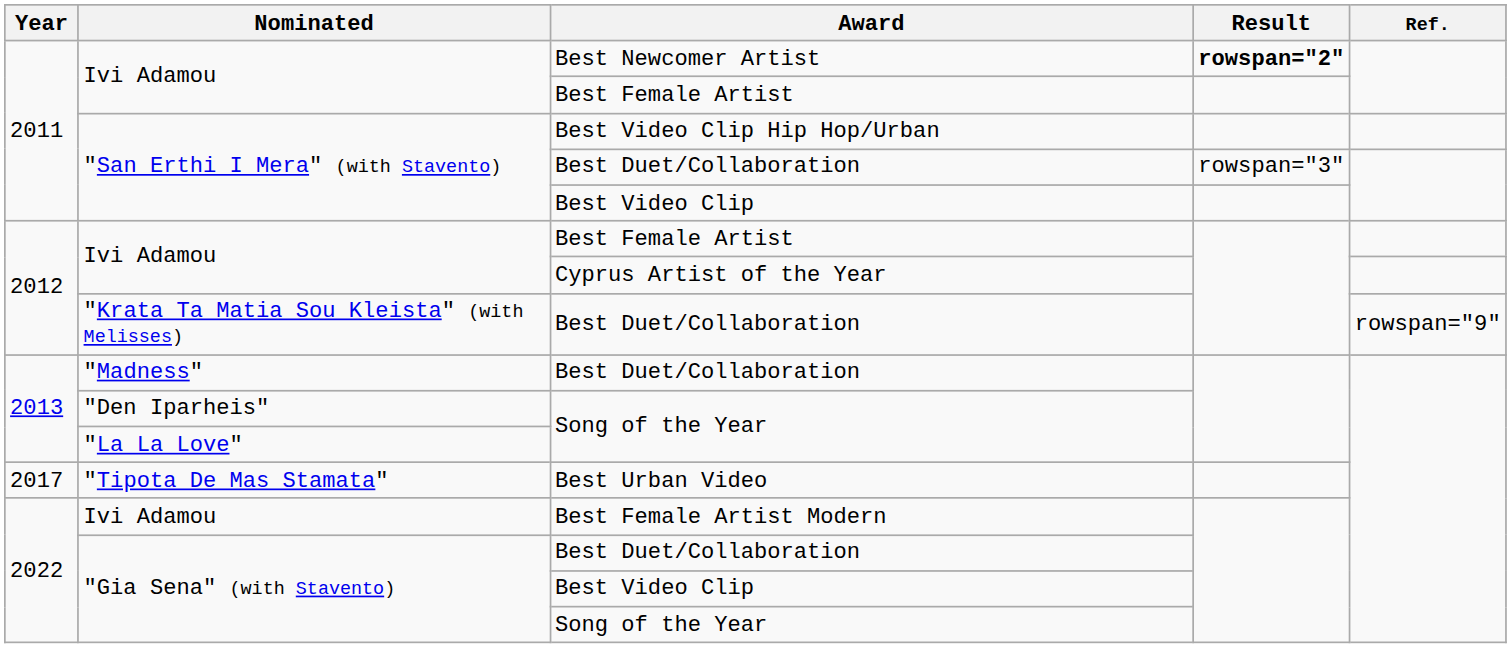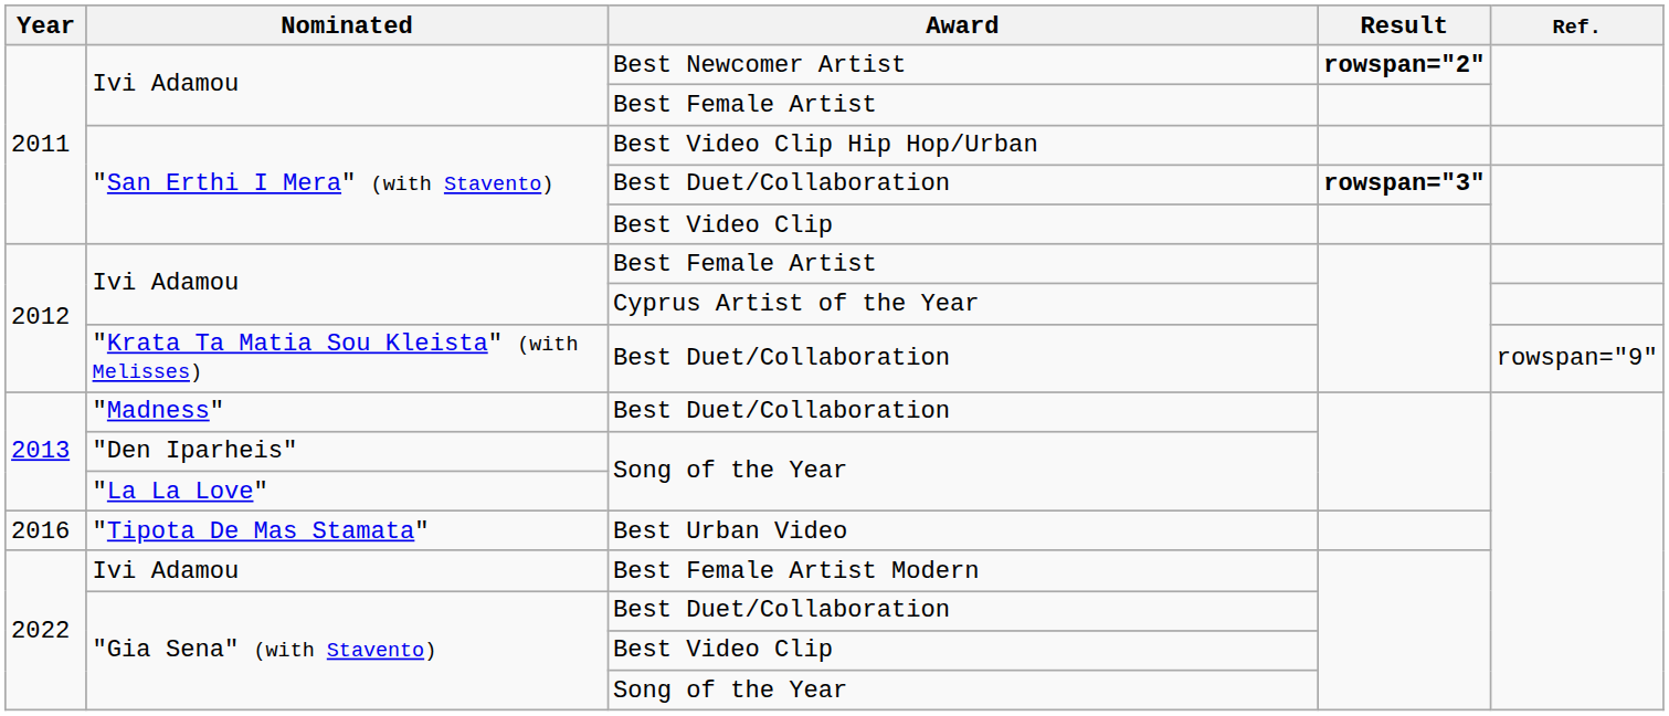 <table class="wikitable" style="width:100%;">
 <tr>
 <th style="width:5%;">Year</th>
 <th style="width:35%;">Nominated</th>
 <th style="width:47%;">Award</th>
 <th style="width:10%;">Result</th>
 <th style="width:3%;"><small>Ref.</small></th>
 </tr>
 <tr>
 <td rowspan="5">2011</td>
 <td rowspan="2">Ivi Adamou</td>
 <td>Best Newcomer Artist</td>
 <td><strong>rowspan="2" </strong></td>
 <td rowspan="2" align="center"></td>
 </tr>
 <tr>
 <td>Best Female Artist</td>
 </tr>
 <tr>
 <td rowspan="3">"<a href='#'>San Erthi I Mera</a>" <small>(with <a href='#'>Stavento</a>)</small></td>
 <td>Best Video Clip Hip Hop/Urban</td>
 <td></td>
 <td align="center"></td>
 </tr>
 <tr>
 <td>Best Duet/Collaboration</td>
-<td>rowspan="3" </td>
+<td><strong>rowspan="3" </strong></td>
 <td rowspan="2" align="center"></td>
 </tr>
 <tr>
 <td>Best Video Clip</td>
 </tr>
 <tr>
 <td rowspan="3">2012</td>
 <td rowspan="2">Ivi Adamou</td>
 <td>Best Female Artist</td>
 <td rowspan="3" align="center"></td>
 </tr>
 <tr>
 <td>Cyprus Artist of the Year</td>
 <td></td>
 </tr>
 <tr>
 <td>"<a href='#'>Krata Ta Matia Sou Kleista</a>" <small>(with <a href='#'>Melisses</a>)</small></td>
 <td>Best Duet/Collaboration</td>
 <td>rowspan="9" </td>
 </tr>
 <tr>
 <td rowspan="3"><a href='#'>2013</a></td>
 <td>"<a href='#'>Madness</a>"</td>
 <td>Best Duet/Collaboration</td>
 <td rowspan="3" align="center"></td>
 </tr>
 <tr>
 <td>"Den Iparheis"</td>
 <td rowspan="2">Song of the Year</td>
 </tr>
 <tr>
 <td>"<a href='#'>La La Love</a>"</td>
 </tr>
 <tr>
-<td>2017</td>
+<td>2016</td>
 <td>"<a href='#'>Tipota De Mas Stamata</a>"</td>
 <td>Best Urban Video</td>
 <td align="center"></td>
 </tr>
 <tr>
 <td rowspan="4">2022</td>
 <td>Ivi Adamou</td>
 <td>Best Female Artist Modern</td>
 <td rowspan="4" align="center"></td>
 </tr>
 <tr>
 <td rowspan="3">"Gia Sena" <small>(with <a href='#'>Stavento</a>)</small></td>
 <td>Best Duet/Collaboration</td>
 </tr>
 <tr>
 <td>Best Video Clip</td>
 </tr>
 <tr>
 <td>Song of the Year</td>
 </tr>
 </table>
